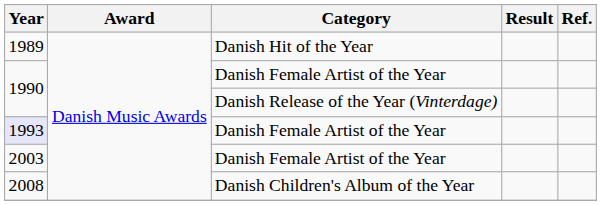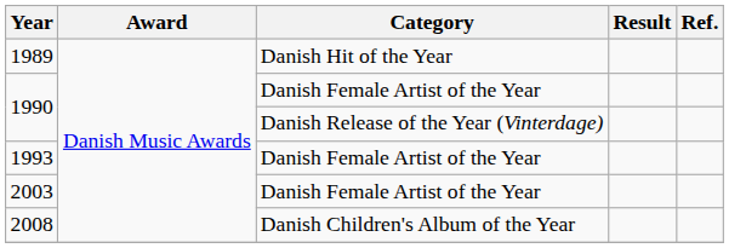 <table class="wikitable">
 <tr>
 <th>Year</th>
 <th>Award</th>
 <th>Category</th>
 <th>Result</th>
 <th>Ref.</th>
 </tr>
 <tr>
 <td rowspan="1">1989</td>
 <td rowspan="6"><a href='#'>Danish Music Awards</a></td>
 <td>Danish Hit of the Year</td>
 <td></td>
 <td></td>
 </tr>
 <tr>
 <td rowspan="2">1990</td>
 <td>Danish Female Artist of the Year</td>
 <td></td>
 <td></td>
 </tr>
 <tr>
 <td>Danish Release of the Year (<em>Vinterdage)</em></td>
 <td></td>
 <td></td>
 </tr>
 <tr>
-<td style="background: lavender;">1993</td>
+<td>1993</td>
 <td>Danish Female Artist of the Year</td>
 <td></td>
 <td></td>
 </tr>
 <tr>
 <td>2003</td>
 <td>Danish Female Artist of the Year</td>
 <td></td>
 <td></td>
 </tr>
 <tr>
 <td>2008</td>
 <td>Danish Children's Album of the Year</td>
 <td></td>
 <td></td>
 </tr>
 <tr>
 </tr>
 </table>
